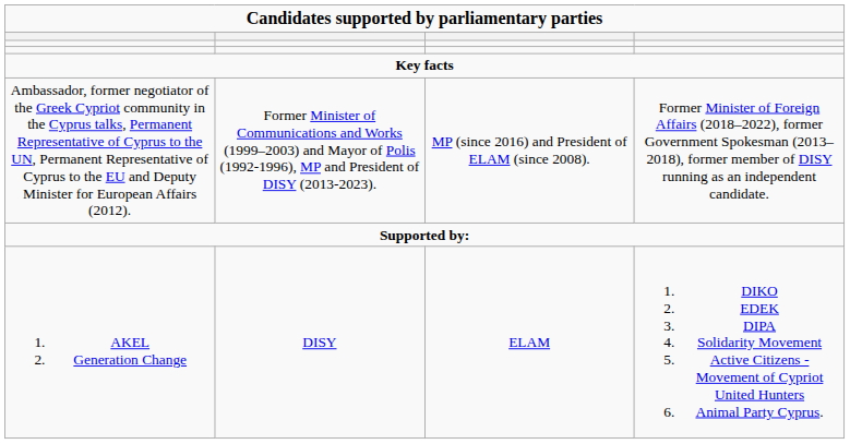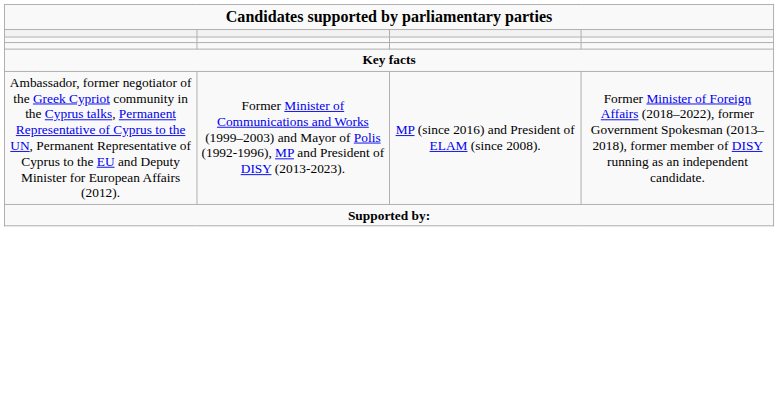 <table class="wikitable" style="font-size:90%; text-align:center">
 <tr>
 <td colspan="4"><big><strong>Candidates supported by parliamentary parties</strong></big></td>
 </tr>
 <tr>
 <th style="width:3em; font-size:120%; background:"></th>
 <th style="width:3em; font-size:120%; background:"></th>
 <th style="width:3em; font-size:120%; background:"></th>
 <th style="width:3em; font-size:120%; background:"></th>
 </tr>
 <tr>
 <td style="width:3em; width:200px; background:"><strong><em></em></strong></td>
 <td style="width:3em; width:200px; background:"><strong><em></em></strong></td>
 <td style="width:3em; width:200px; background:"><strong><em></em></strong></td>
 <td style="width:3em; width:200px; background:"><strong><em></em></strong></td>
 </tr>
 <tr>
 <td></td>
 <td></td>
 <td></td>
 <td></td>
 </tr>
 <tr>
 <td colspan="4"><strong>Key facts</strong></td>
 </tr>
 <tr>
 <td>Ambassador, former negotiator of the <a href='#'>Greek Cypriot</a> community in the <a href='#'>Cyprus talks</a>, <a href='#'>Permanent Representative of Cyprus to the UN</a>, Permanent Representative of Cyprus to the <a href='#'>EU</a> and Deputy Minister for European Affairs (2012).</td>
 <td>Former <a href='#'>Minister of Communications and Works</a> (1999–2003) and Mayor of <a href='#'>Polis</a> (1992-1996), <a href='#'>MP</a> and  President of <a href='#'>DISY</a> (2013-2023).</td>
 <td><a href='#'>MP</a> (since 2016) and President of <a href='#'>ELAM</a> (since 2008).</td>
 <td>Former <a href='#'>Minister of Foreign Affairs</a> (2018–2022), former Government Spokesman (2013–2018), former member of <a href='#'>DISY</a> running as an independent candidate.</td>
 </tr>
 <tr>
 <td colspan="4"><strong>Supported by:</strong></td>
 </tr>
-<tr>
-<td><br><ol><li><a href='#'>AKEL</a></li><li><a href='#'>Generation Change</a></li></ol></td>
-<td><a href='#'>DISY</a></td>
-<td><a href='#'>ELAM</a></td>
-<td><br><ol><li><a href='#'>DIKO</a></li><li><a href='#'>EDEK</a></li><li><a href='#'>DIPA</a></li><li><a href='#'>Solidarity Movement</a></li><li><a href='#'>Active Citizens - Movement of Cypriot United Hunters</a></li><li><a href='#'>Animal Party Cyprus</a>.</li></ol></td>
-</tr>
 </table>
